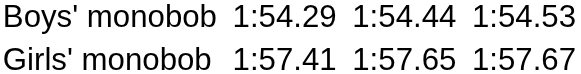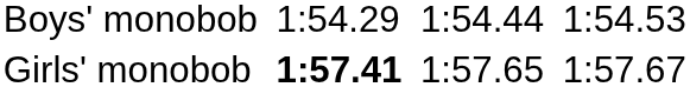 <table>
 <tr>
 <td>Boys' monobob<br></td>
 <td></td>
 <td>1:54.29</td>
 <td></td>
 <td>1:54.44</td>
 <td></td>
 <td>1:54.53</td>
 </tr>
 <tr>
 <td>Girls' monobob<br></td>
 <td></td>
-<td>1:57.41</td>
+<td><strong>1:57.41</strong></td>
 <td></td>
 <td>1:57.65</td>
 <td></td>
 <td>1:57.67</td>
 </tr>
 </table>
